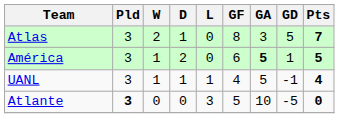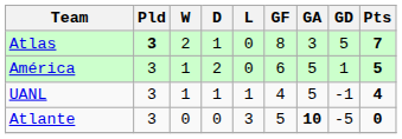 <table class="wikitable" style="text-align: center;">
 <tr>
 <th width="100">Team</th>
 <th width="20">Pld</th>
 <th width="20">W</th>
 <th width="20">D</th>
 <th width="20">L</th>
 <th width="20">GF</th>
 <th width="20">GA</th>
 <th width="20">GD</th>
 <th width="20">Pts</th>
 </tr>
 <tr bgcolor="ccffcc">
 <td align="left"><a href='#'>Atlas</a></td>
-<td>3</td>
+<td><strong>3</strong></td>
 <td>2</td>
 <td>1</td>
 <td>0</td>
 <td>8</td>
 <td>3</td>
 <td>5</td>
 <td><strong>7</strong></td>
 </tr>
 <tr bgcolor="ccffcc">
 <td align="left"><a href='#'>América</a></td>
 <td>3</td>
 <td>1</td>
 <td>2</td>
 <td>0</td>
 <td>6</td>
-<td><strong>5</strong></td>
+<td>5</td>
 <td>1</td>
 <td><strong>5</strong></td>
 </tr>
 <tr>
 <td align="left"><a href='#'>UANL</a></td>
 <td>3</td>
 <td>1</td>
 <td>1</td>
 <td>1</td>
 <td>4</td>
 <td>5</td>
 <td>-1</td>
 <td><strong>4</strong></td>
 </tr>
 <tr>
 <td align="left"><a href='#'>Atlante</a></td>
-<td><strong>3</strong></td>
+<td>3</td>
 <td>0</td>
 <td>0</td>
 <td>3</td>
 <td>5</td>
-<td>10</td>
+<td><strong>10</strong></td>
 <td>-5</td>
 <td><strong>0</strong></td>
 </tr>
 <tr>
 </tr>
 </table>
